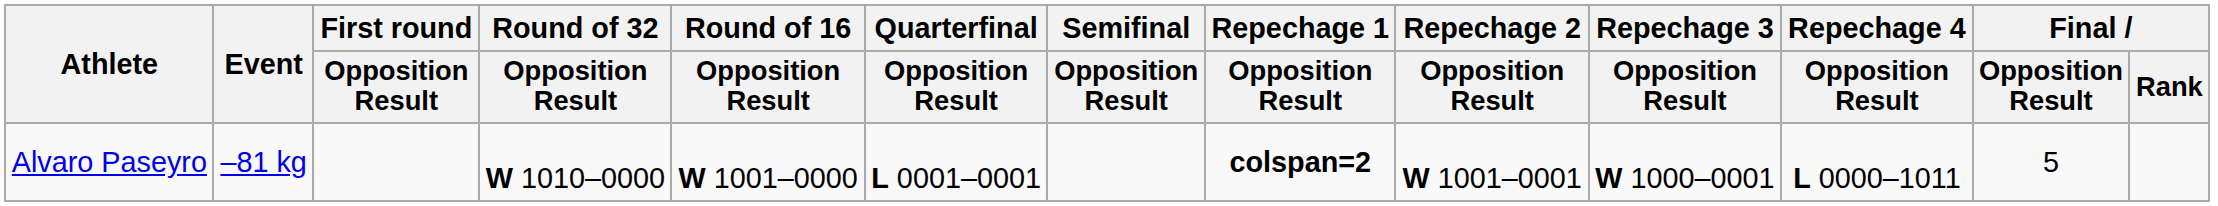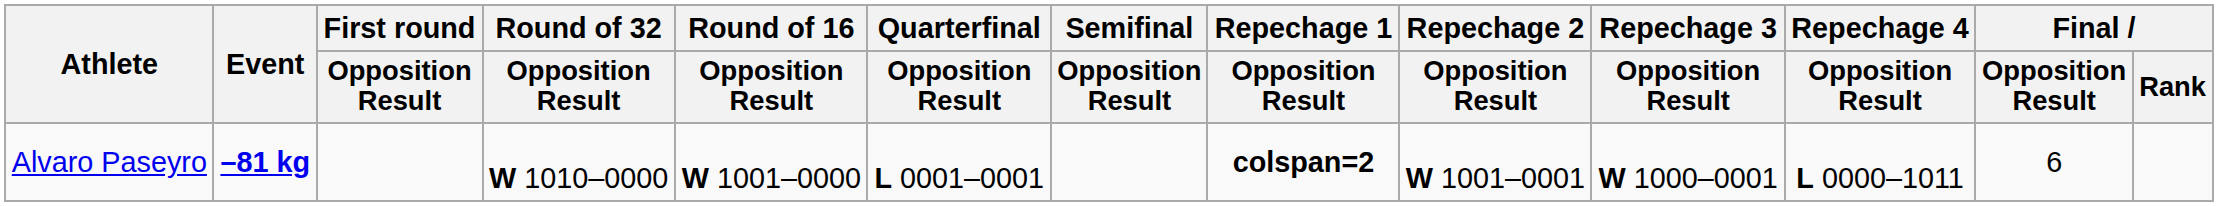 <table class=wikitable style=font-size:90%;text-align:center>
 <tr>
 <th rowspan=2>Athlete</th>
 <th rowspan=2>Event</th>
 <th>First round</th>
 <th>Round of 32</th>
 <th>Round of 16</th>
 <th>Quarterfinal</th>
 <th>Semifinal</th>
 <th>Repechage 1</th>
 <th>Repechage 2</th>
 <th>Repechage 3</th>
 <th>Repechage 4</th>
 <th colspan=2>Final / </th>
 </tr>
 <tr style=font-size:95%>
 <th>Opposition<br>Result</th>
 <th>Opposition<br>Result</th>
 <th>Opposition<br>Result</th>
 <th>Opposition<br>Result</th>
 <th>Opposition<br>Result</th>
 <th>Opposition<br>Result</th>
 <th>Opposition<br>Result</th>
 <th>Opposition<br>Result</th>
 <th>Opposition<br>Result</th>
 <th>Opposition<br>Result</th>
 <th>Rank</th>
 </tr>
 <tr>
 <td align=left><a href='#'>Alvaro Paseyro</a></td>
-<td align=left><a href='#'>–81 kg</a></td>
+<td align=left><strong><a href='#'>–81 kg</a></strong></td>
 <td></td>
 <td><br><strong>W</strong> 1010–0000</td>
 <td><br><strong>W</strong> 1001–0000</td>
 <td><br><strong>L</strong> 0001–0001</td>
 <td></td>
 <td><strong>colspan=2 </strong></td>
 <td><br><strong>W</strong> 1001–0001</td>
 <td><br><strong>W</strong> 1000–0001</td>
 <td><br><strong>L</strong> 0000–1011</td>
-<td align=center>5</td>
+<td align=center>6</td>
 </tr>
 </table>
